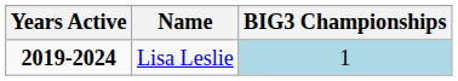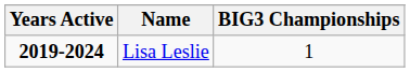 <table class="wikitable sortable sortable">
 <tr>
 </tr>
 <tr style="text-align: center">
 <th>Years Active</th>
 <th>Name</th>
 <th>BIG3 Championships</th>
 </tr>
 <tr style="text-align: center">
 <td><strong>2019-2024</strong></td>
 <td><a href='#'>Lisa Leslie</a></td>
-<td style="background: lightblue;">1</td>
+<td>1</td>
 </tr>
 </table>
